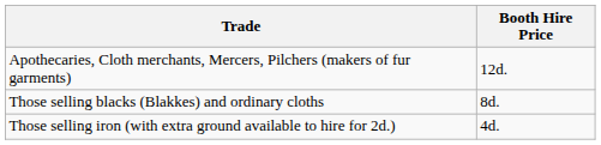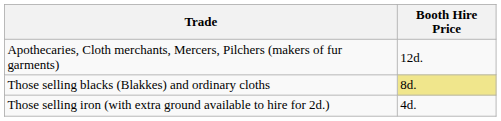 <table class="wikitable">
 <tr>
 <th>Trade</th>
 <th>Booth Hire Price</th>
 </tr>
 <tr>
 <td>Apothecaries, Cloth merchants, Mercers, Pilchers (makers of fur garments)</td>
 <td>12d.</td>
 </tr>
 <tr>
 <td>Those selling blacks (Blakkes) and ordinary cloths</td>
-<td>8d.</td>
+<td style="background: khaki;">8d.</td>
 </tr>
 <tr>
 <td>Those selling iron (with extra ground available to hire for 2d.)</td>
 <td>4d.</td>
 </tr>
 </table>
